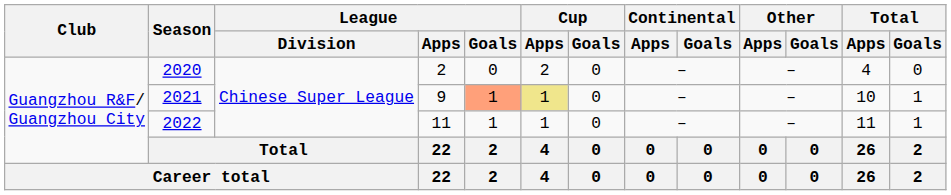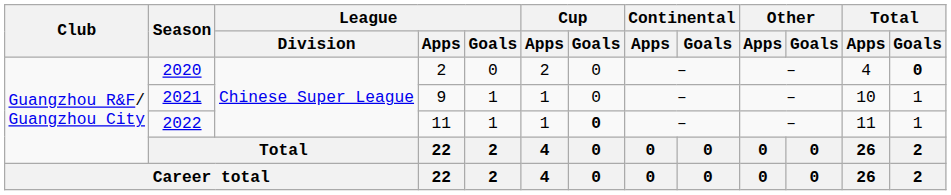 <table class="wikitable" style="text-align: center">
 <tr>
 <th rowspan="2">Club</th>
 <th rowspan="2">Season</th>
 <th colspan="3">League</th>
 <th colspan="2">Cup</th>
 <th colspan="2">Continental</th>
 <th colspan="2">Other</th>
 <th colspan="2">Total</th>
 </tr>
 <tr>
 <th>Division</th>
 <th>Apps</th>
 <th>Goals</th>
 <th>Apps</th>
 <th>Goals</th>
 <th>Apps</th>
 <th>Goals</th>
 <th>Apps</th>
 <th>Goals</th>
 <th>Apps</th>
 <th>Goals</th>
 </tr>
 <tr>
 <td rowspan=4><a href='#'>Guangzhou R&F</a>/<br><a href='#'>Guangzhou City</a></td>
 <td><a href='#'>2020</a></td>
 <td rowspan=3><a href='#'>Chinese Super League</a></td>
 <td>2</td>
 <td>0</td>
 <td>2</td>
 <td>0</td>
 <td colspan="2">–</td>
 <td colspan="2">–</td>
 <td>4</td>
-<td>0</td>
+<td><strong>0</strong></td>
 </tr>
 <tr>
 <td><a href='#'>2021</a></td>
 <td>9</td>
-<td style="background: lightsalmon;">1</td>
-<td style="background: khaki;">1</td>
+<td>1</td>
+<td>1</td>
 <td>0</td>
 <td colspan="2">–</td>
 <td colspan="2">–</td>
 <td>10</td>
 <td>1</td>
 </tr>
 <tr>
 <td><a href='#'>2022</a></td>
 <td>11</td>
 <td>1</td>
 <td>1</td>
-<td>0</td>
+<td><strong>0</strong></td>
 <td colspan="2">–</td>
 <td colspan="2">–</td>
 <td>11</td>
 <td>1</td>
 </tr>
 <tr>
 <th colspan="2"><strong>Total</strong></th>
 <th>22</th>
 <th>2</th>
 <th>4</th>
 <th>0</th>
 <th>0</th>
 <th>0</th>
 <th>0</th>
 <th>0</th>
 <th>26</th>
 <th>2</th>
 </tr>
 <tr>
 <th colspan=3>Career total</th>
 <th>22</th>
 <th>2</th>
 <th>4</th>
 <th>0</th>
 <th>0</th>
 <th>0</th>
 <th>0</th>
 <th>0</th>
 <th>26</th>
 <th>2</th>
 </tr>
 </table>
